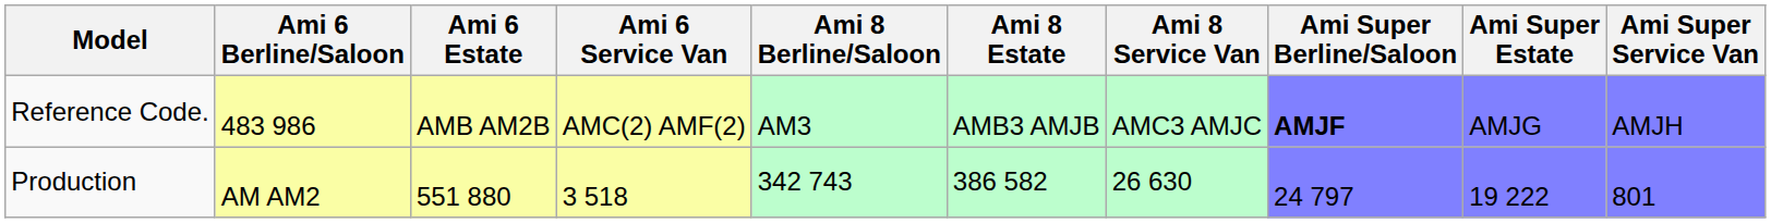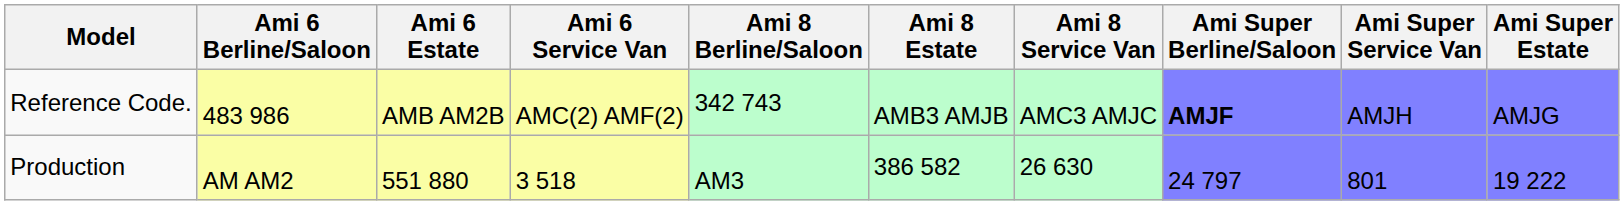 <table class="wikitable">
 <tr>
 <th>Model</th>
 <th>Ami 6<br>Berline/Saloon</th>
 <th>Ami 6<br>Estate</th>
 <th>Ami 6<br>Service Van</th>
 <th>Ami 8<br>Berline/Saloon</th>
 <th>Ami 8<br>Estate</th>
 <th>Ami 8<br>Service Van</th>
 <th>Ami Super<br>Berline/Saloon</th>
+<th>Ami Super<br>Service Van</th>
 <th>Ami Super<br>Estate</th>
-<th>Ami Super<br>Service Van</th>
 </tr>
 <tr>
 <td>Reference Code.</td>
 <td style="background:#fafea5;"><br>483 986</td>
 <td style="background:#fafea5;"><br>AMB AM2B</td>
 <td style="background:#fafea5;"><br>AMC(2) AMF(2)</td>
-<td style="background:#bcfecd;"><br>AM3</td>
+<td style="background:#bcfecd;">342 743</td>
 <td style="background:#bcfecd;"><br>AMB3 AMJB</td>
 <td style="background:#bcfecd;"><br>AMC3 AMJC</td>
 <td style="background:#8080ff;"><strong><br>AMJF</strong></td>
+<td style="background:#8080ff;"><br>AMJH</td>
 <td style="background:#8080ff;"><br>AMJG</td>
-<td style="background:#8080ff;"><br>AMJH</td>
 </tr>
 <tr>
 <td>Production</td>
 <td style="background:#fafea5;"><br>AM AM2</td>
 <td style="background:#fafea5;"><br>551 880</td>
 <td style="background:#fafea5;"><br>3 518</td>
-<td style="background:#bcfecd;">342 743</td>
+<td style="background:#bcfecd;"><br>AM3</td>
 <td style="background:#bcfecd;">386 582</td>
 <td style="background:#bcfecd;">26 630</td>
 <td style="background:#8080ff;"><br>24 797</td>
+<td style="background:#8080ff;"><br>801</td>
 <td style="background:#8080ff;"><br>19 222</td>
-<td style="background:#8080ff;"><br>801</td>
 </tr>
 </table>
